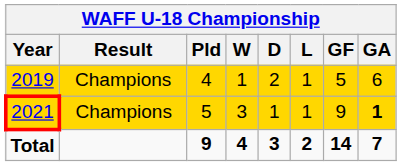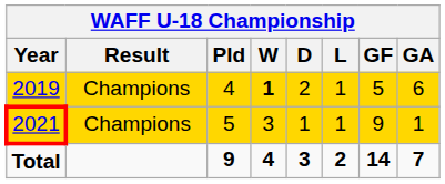 <table class="wikitable" style="text-align: center;font-size:100%">
 <tr>
 <th colspan=9><a href='#'>WAFF U-18 Championship</a></th>
 </tr>
 <tr>
 <th>Year</th>
 <th width=100>Result</th>
 <th width=20>Pld</th>
 <th width=20>W</th>
 <th width=20>D</th>
 <th width=20>L</th>
 <th width=20>GF</th>
 <th width=20>GA</th>
 </tr>
 <tr style="background:gold;">
 <td> <a href='#'>2019</a></td>
 <td>Champions</td>
 <td>4</td>
-<td>1</td>
+<td><strong>1</strong></td>
 <td>2</td>
 <td>1</td>
 <td>5</td>
 <td>6</td>
 </tr>
 <tr style="background:gold;">
 <td style="border: 3px solid red"> <a href='#'>2021</a></td>
 <td>Champions</td>
 <td>5</td>
 <td>3</td>
 <td>1</td>
 <td>1</td>
 <td>9</td>
-<td><strong>1</strong></td>
+<td>1</td>
 </tr>
 <tr>
 <td><strong>Total</strong></td>
 <td></td>
 <td><strong>9</strong></td>
 <td><strong>4</strong></td>
 <td><strong>3</strong></td>
 <td><strong>2</strong></td>
 <td><strong>14</strong></td>
 <td><strong>7</strong></td>
 </tr>
 </table>
